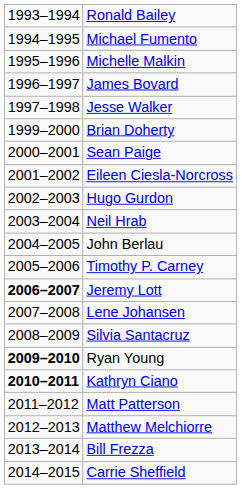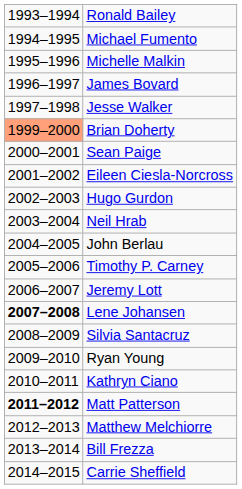 <table class="wikitable">
 <tr>
 <td>1993–1994</td>
 <td><a href='#'>Ronald Bailey</a></td>
 </tr>
 <tr>
 <td>1994–1995</td>
 <td><a href='#'>Michael Fumento</a></td>
 </tr>
 <tr>
 <td>1995–1996</td>
 <td><a href='#'>Michelle Malkin</a></td>
 </tr>
 <tr>
 <td>1996–1997</td>
 <td><a href='#'>James Bovard</a></td>
 </tr>
 <tr>
 <td>1997–1998</td>
 <td><a href='#'>Jesse Walker</a></td>
 </tr>
 <tr>
-<td>1999–2000</td>
+<td style="background: lightsalmon;">1999–2000</td>
 <td><a href='#'>Brian Doherty</a></td>
 </tr>
 <tr>
 <td>2000–2001</td>
 <td><a href='#'>Sean Paige</a></td>
 </tr>
 <tr>
 <td>2001–2002</td>
 <td><a href='#'>Eileen Ciesla-Norcross</a></td>
 </tr>
 <tr>
 <td>2002–2003</td>
 <td><a href='#'>Hugo Gurdon</a></td>
 </tr>
 <tr>
 <td>2003–2004</td>
 <td><a href='#'>Neil Hrab</a></td>
 </tr>
 <tr>
 <td>2004–2005</td>
 <td>John Berlau</td>
 </tr>
 <tr>
 <td>2005–2006</td>
 <td><a href='#'>Timothy P. Carney</a></td>
 </tr>
 <tr>
-<td><strong>2006–2007</strong></td>
+<td>2006–2007</td>
 <td><a href='#'>Jeremy Lott</a></td>
 </tr>
 <tr>
-<td>2007–2008</td>
+<td><strong>2007–2008</strong></td>
 <td><a href='#'>Lene Johansen</a></td>
 </tr>
 <tr>
 <td>2008–2009</td>
 <td><a href='#'>Silvia Santacruz</a></td>
 </tr>
 <tr>
-<td><strong>2009–2010</strong></td>
+<td>2009–2010</td>
 <td>Ryan Young</td>
 </tr>
 <tr>
-<td><strong>2010–2011</strong></td>
+<td>2010–2011</td>
 <td><a href='#'>Kathryn Ciano</a></td>
 </tr>
 <tr>
-<td>2011–2012</td>
+<td><strong>2011–2012</strong></td>
 <td><a href='#'>Matt Patterson</a></td>
 </tr>
 <tr>
 <td>2012–2013</td>
 <td><a href='#'>Matthew Melchiorre</a></td>
 </tr>
 <tr>
 <td>2013–2014</td>
 <td><a href='#'>Bill Frezza</a></td>
 </tr>
 <tr>
 <td>2014–2015</td>
 <td><a href='#'>Carrie Sheffield</a></td>
 </tr>
 </table>
